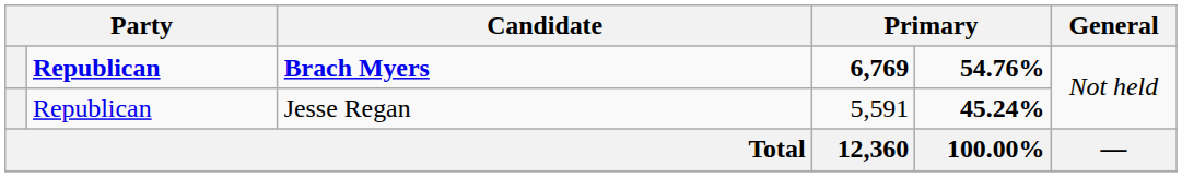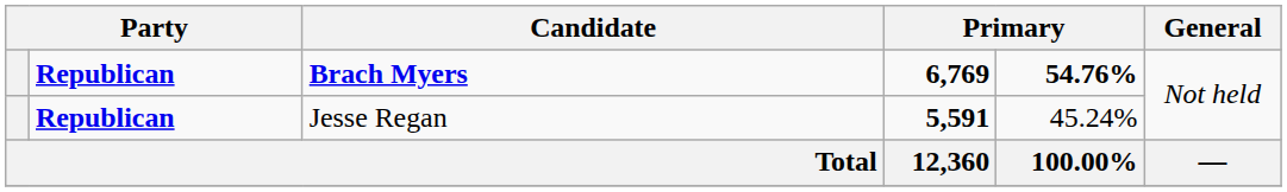 <table class="wikitable" style=width:45em>
 <tr>
 <th colspan=2 style=width:8em>Party</th>
 <th style=width:20em>Candidate</th>
 <th colspan=2>Primary<br></th>
 <th colspan=2>General<br></th>
 </tr>
 <tr>
 <th style="background-color:"></th>
 <td><strong><a href='#'>Republican</a></strong></td>
 <td><strong><a href='#'>Brach Myers</a></strong></td>
 <td style="text-align: right;"><strong>6,769</strong></td>
 <td style="text-align: right;"><strong>54.76%</strong></td>
 <td style="text-align: center;" colspan=2 rowspan=2><em>Not held</td>
 </tr>
 <tr>
 <th style="background-color:"></th>
-<td><a href='#'>Republican</a></td>
+<td><strong><a href='#'>Republican</a></strong></td>
 <td>Jesse Regan</td>
-<td style="text-align: right;">5,591</td>
-<td style="text-align: right;"><strong>45.24%</strong></td>
+<td style="text-align: right;"><strong>5,591</strong></td>
+<td style="text-align: right;">45.24%</td>
 </tr>
 <tr>
 <th style="text-align: right;" colspan=3>Total</th>
 <th style="text-align: right;">12,360</th>
 <th style="text-align: right;">100.00%</th>
 <th style="text-align: center;" colspan=2></em>—<em></th>
 </tr>
 <tr>
 </tr>
 </table>
